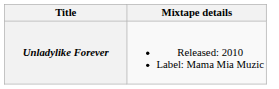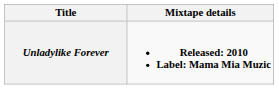 <table class="wikitable plainrowheaders" style="text-align:center;">
 <tr>
 <th scope="col" style="width:11em;">Title</th>
 <th scope="col">Mixtape details</th>
 </tr>
 <tr>
 <th scope="row"><em>Unladylike Forever</em></th>
-<td><br><ul><li>Released: 2010</li><li>Label: Mama Mia Muzic</li></ul></td>
+<td><strong><br><ul><li>Released: 2010</li><li>Label: Mama Mia Muzic</li></ul></strong></td>
 </tr>
 </table>
